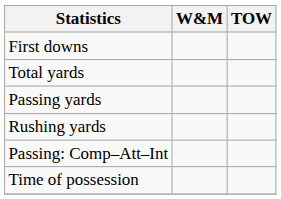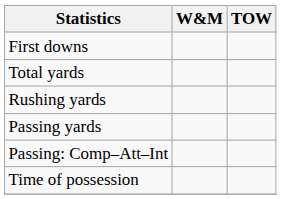 <table class="wikitable" style="float: left;">
 <tr>
 <th>Statistics</th>
 <th>W&M</th>
 <th>TOW</th>
 </tr>
 <tr>
 <td>First downs</td>
 <td></td>
 <td></td>
 </tr>
 <tr>
 <td>Total yards</td>
 <td></td>
 <td></td>
 </tr>
 <tr>
-<td>Passing yards</td>
+<td>Rushing yards</td>
 <td></td>
 <td></td>
 </tr>
 <tr>
-<td>Rushing yards</td>
+<td>Passing yards</td>
 <td></td>
 <td></td>
 </tr>
 <tr>
 <td>Passing: Comp–Att–Int</td>
 <td></td>
 <td></td>
 </tr>
 <tr>
 <td>Time of possession</td>
 <td></td>
 <td></td>
 </tr>
 <tr>
 </tr>
 </table>
